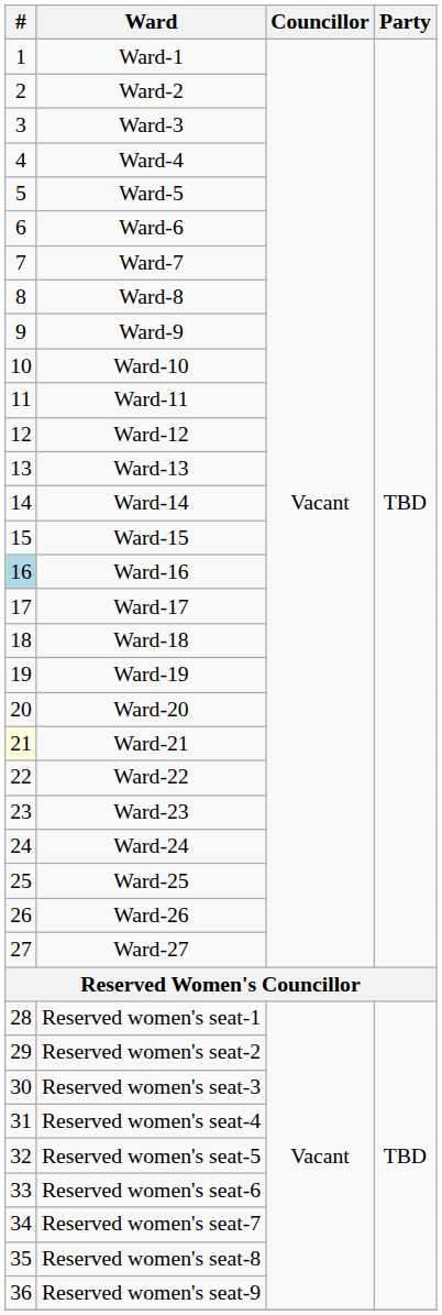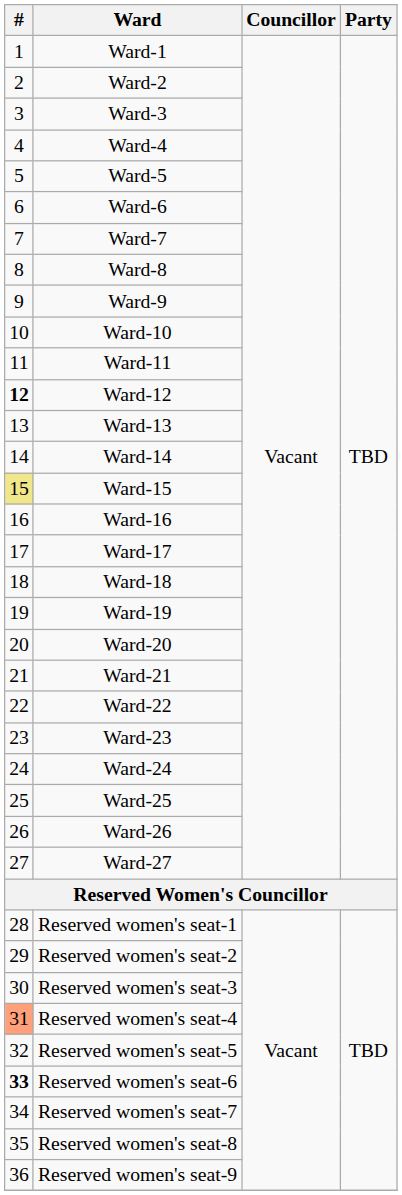 <table class="wikitable sortable" style="text-align:center;">
 <tr>
 <th>#</th>
 <th>Ward</th>
 <th>Councillor</th>
 <th colspan="2">Party</th>
 </tr>
 <tr>
 <td>1</td>
 <td>Ward-1</td>
 <td rowspan="27">Vacant</td>
 <td colspan="2" rowspan="27" bgcolor="">TBD</td>
 </tr>
 <tr>
 <td>2</td>
 <td>Ward-2</td>
 </tr>
 <tr>
 <td>3</td>
 <td>Ward-3</td>
 </tr>
 <tr>
 <td>4</td>
 <td>Ward-4</td>
 </tr>
 <tr>
 <td>5</td>
 <td>Ward-5</td>
 </tr>
 <tr>
 <td>6</td>
 <td>Ward-6</td>
 </tr>
 <tr>
 <td>7</td>
 <td>Ward-7</td>
 </tr>
 <tr>
 <td>8</td>
 <td>Ward-8</td>
 </tr>
 <tr>
 <td>9</td>
 <td>Ward-9</td>
 </tr>
 <tr>
 <td>10</td>
 <td>Ward-10</td>
 </tr>
 <tr>
 <td>11</td>
 <td>Ward-11</td>
 </tr>
 <tr>
-<td>12</td>
+<td><strong>12</strong></td>
 <td>Ward-12</td>
 </tr>
 <tr>
 <td>13</td>
 <td>Ward-13</td>
 </tr>
 <tr>
 <td>14</td>
 <td>Ward-14</td>
 </tr>
 <tr>
-<td>15</td>
+<td style="background: khaki;">15</td>
 <td>Ward-15</td>
 </tr>
 <tr>
-<td style="background: lightblue;">16</td>
+<td>16</td>
 <td>Ward-16</td>
 </tr>
 <tr>
 <td>17</td>
 <td>Ward-17</td>
 </tr>
 <tr>
 <td>18</td>
 <td>Ward-18</td>
 </tr>
 <tr>
 <td>19</td>
 <td>Ward-19</td>
 </tr>
 <tr>
 <td>20</td>
 <td>Ward-20</td>
 </tr>
 <tr>
-<td style="background: lightyellow;">21</td>
+<td>21</td>
 <td>Ward-21</td>
 </tr>
 <tr>
 <td>22</td>
 <td>Ward-22</td>
 </tr>
 <tr>
 <td>23</td>
 <td>Ward-23</td>
 </tr>
 <tr>
 <td>24</td>
 <td>Ward-24</td>
 </tr>
 <tr>
 <td>25</td>
 <td>Ward-25</td>
 </tr>
 <tr>
 <td>26</td>
 <td>Ward-26</td>
 </tr>
 <tr>
 <td>27</td>
 <td>Ward-27</td>
 </tr>
 <tr>
 <th colspan="5"><strong>Reserved Women's Councillor</strong></th>
 </tr>
 <tr>
 <td>28</td>
 <td>Reserved women's seat-1</td>
 <td rowspan="9">Vacant</td>
 <td colspan="2" rowspan="9" bgcolor="">TBD</td>
 </tr>
 <tr>
 <td>29</td>
 <td>Reserved women's seat-2</td>
 </tr>
 <tr>
 <td>30</td>
 <td>Reserved women's seat-3</td>
 </tr>
 <tr>
-<td>31</td>
+<td style="background: lightsalmon;">31</td>
 <td>Reserved women's seat-4</td>
 </tr>
 <tr>
 <td>32</td>
 <td>Reserved women's seat-5</td>
 </tr>
 <tr>
-<td>33</td>
+<td><strong>33</strong></td>
 <td>Reserved women's seat-6</td>
 </tr>
 <tr>
 <td>34</td>
 <td>Reserved women's seat-7</td>
 </tr>
 <tr>
 <td>35</td>
 <td>Reserved women's seat-8</td>
 </tr>
 <tr>
 <td>36</td>
 <td>Reserved women's seat-9</td>
 </tr>
 <tr>
 </tr>
 </table>
